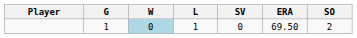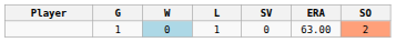 <table class="wikitable sortable">
 <tr>
 <th bgcolor="#DDDDFF" width="16%">Player</th>
 <th bgcolor="#DDDDFF" width="9%">G</th>
 <th bgcolor="#DDDDFF" width="9%">W</th>
 <th bgcolor="#DDDDFF" width="9%">L</th>
 <th bgcolor="#DDDDFF" width="9%">SV</th>
 <th bgcolor="#DDDDFF" width="9%">ERA</th>
 <th bgcolor="#DDDDFF" width="9%">SO</th>
 </tr>
 <tr align="center">
 <td></td>
 <td>1</td>
 <td style="background: lightblue;">0</td>
 <td>1</td>
 <td>0</td>
-<td>69.50</td>
-<td>2</td>
+<td>63.00</td>
+<td style="background: lightsalmon;">2</td>
 </tr>
 </table>
